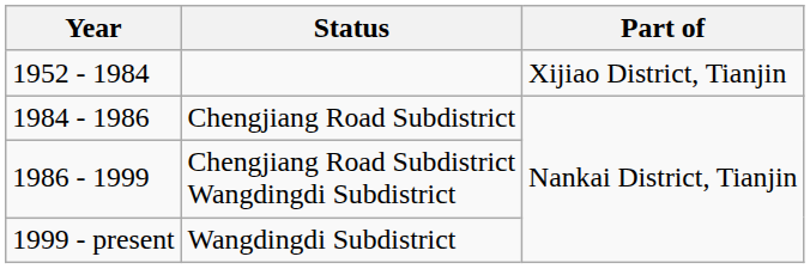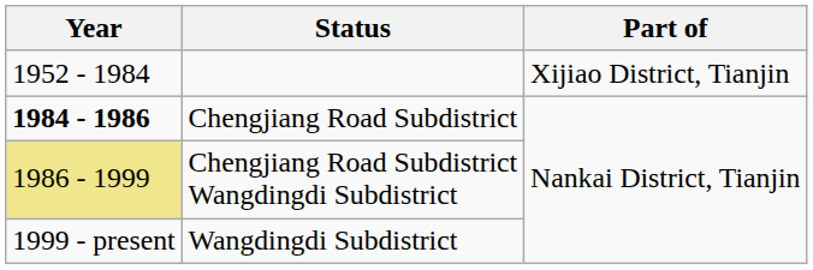 <table class="wikitable">
 <tr>
 <th>Year</th>
 <th>Status</th>
 <th>Part of</th>
 </tr>
 <tr>
 <td>1952 - 1984</td>
 <td></td>
 <td>Xijiao District, Tianjin</td>
 </tr>
 <tr>
-<td>1984 - 1986</td>
+<td><strong>1984 - 1986</strong></td>
 <td>Chengjiang Road Subdistrict</td>
 <td rowspan="3">Nankai District, Tianjin</td>
 </tr>
 <tr>
-<td>1986 - 1999</td>
+<td style="background: khaki;">1986 - 1999</td>
 <td>Chengjiang Road Subdistrict<br>Wangdingdi Subdistrict</td>
 </tr>
 <tr>
 <td>1999 - present</td>
 <td>Wangdingdi Subdistrict</td>
 </tr>
 </table>
